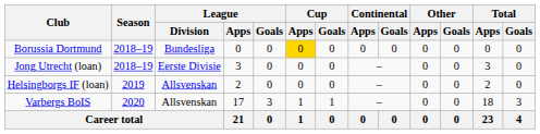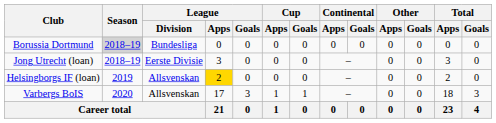 <table class="wikitable" style="text-align: center">
 <tr>
 <th rowspan="2">Club</th>
 <th rowspan="2">Season</th>
 <th colspan="3">League</th>
 <th colspan="2">Cup</th>
 <th colspan="2">Continental</th>
 <th colspan="2">Other</th>
 <th colspan="2">Total</th>
 </tr>
 <tr>
 <th>Division</th>
 <th>Apps</th>
 <th>Goals</th>
 <th>Apps</th>
 <th>Goals</th>
 <th>Apps</th>
 <th>Goals</th>
 <th>Apps</th>
 <th>Goals</th>
 <th>Apps</th>
 <th>Goals</th>
 </tr>
 <tr>
 <td><a href='#'>Borussia Dortmund</a></td>
-<td><a href='#'>2018–19</a></td>
+<td style="background: lightgrey;"><a href='#'>2018–19</a></td>
 <td><a href='#'>Bundesliga</a></td>
 <td>0</td>
 <td>0</td>
-<td style="background: gold;">0</td>
+<td>0</td>
 <td>0</td>
 <td>0</td>
 <td>0</td>
 <td>0</td>
 <td>0</td>
 <td>0</td>
 <td>0</td>
 </tr>
 <tr>
 <td><a href='#'>Jong Utrecht</a> (loan)</td>
 <td><a href='#'>2018–19</a></td>
 <td><a href='#'>Eerste Divisie</a></td>
 <td>3</td>
 <td>0</td>
 <td>0</td>
 <td>0</td>
 <td colspan="2">–</td>
 <td>0</td>
 <td>0</td>
 <td>3</td>
 <td>0</td>
 </tr>
 <tr>
 <td><a href='#'>Helsingborgs IF</a> (loan)</td>
 <td><a href='#'>2019</a></td>
 <td><a href='#'>Allsvenskan</a></td>
-<td>2</td>
+<td style="background: gold;">2</td>
 <td>0</td>
 <td>0</td>
 <td>0</td>
 <td colspan="2">–</td>
 <td>0</td>
 <td>0</td>
 <td>2</td>
 <td>0</td>
 </tr>
 <tr>
 <td><a href='#'>Varbergs BoIS</a></td>
 <td><a href='#'>2020</a></td>
 <td>Allsvenskan</td>
 <td>17</td>
 <td>3</td>
 <td>1</td>
 <td>1</td>
 <td colspan="2">–</td>
 <td>0</td>
 <td>0</td>
 <td>18</td>
 <td>3</td>
 </tr>
 <tr>
 <th colspan="3"><strong>Career total</strong></th>
 <th>21</th>
 <th>0</th>
 <th>1</th>
 <th>0</th>
 <th>0</th>
 <th>0</th>
 <th>0</th>
 <th>0</th>
 <th>23</th>
 <th>4</th>
 </tr>
 </table>
